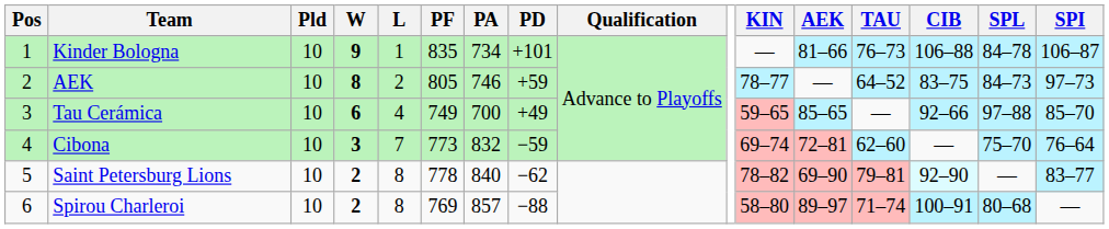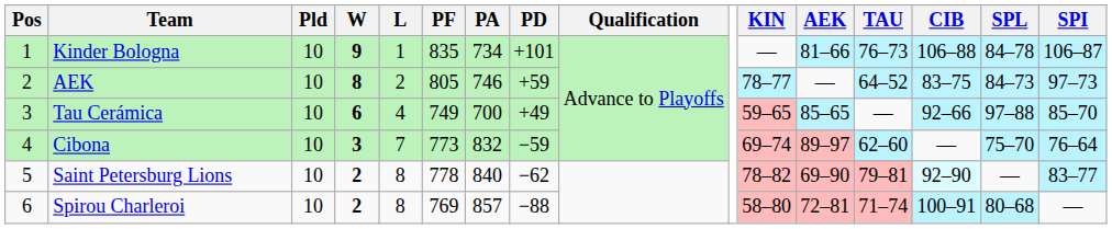 <table class="wikitable" style="text-align:center">
 <tr>
 <th scope="col" width=28><abbr>Pos</abbr></th>
 <th scope="col" width=190>Team</th>
 <th scope="col" width=28><abbr>Pld</abbr></th>
 <th scope="col" width=28><abbr>W</abbr></th>
 <th scope="col" width=28><abbr>L</abbr></th>
 <th scope="col" width=28><abbr>PF</abbr></th>
 <th scope="col" width=28><abbr>PA</abbr></th>
 <th scope="col" width=28><abbr>PD</abbr></th>
 <th scope="col">Qualification</th>
 <th scope="row" class="unsortable" style="background-color:white;border-top:white;border-bottom:white;line-width:3pt;"></th>
 <th scope="col" width=28> <a href='#'>KIN</a></th>
 <th scope="col" width=28> <a href='#'>AEK</a></th>
 <th scope="col" width=28> <a href='#'>TAU</a></th>
 <th scope="col" width=28> <a href='#'>CIB</a></th>
 <th scope="col" width=28> <a href='#'>SPL</a></th>
 <th scope="col" width=28> <a href='#'>SPI</a></th>
 </tr>
 <tr>
 <th scope="row" style="text-align: center;font-weight: normal;background-color:#BBF3BB;">1</th>
 <td style="text-align: left; white-space:nowrap;font-weight: normal;background-color:#BBF3BB;"> <a href='#'>Kinder Bologna</a></td>
 <td style="font-weight: normal;background-color:#BBF3BB;">10</td>
 <td style="font-weight: bold;background-color:#BBF3BB;">9</td>
 <td style="font-weight: normal;background-color:#BBF3BB;">1</td>
 <td style="font-weight: normal;background-color:#BBF3BB;">835</td>
 <td style="font-weight: normal;background-color:#BBF3BB;">734</td>
 <td style="font-weight: normal;background-color:#BBF3BB;">+101</td>
 <td style="font-weight: normal;background-color:#BBF3BB;" rowspan="4">Advance to <a href='#'>Playoffs</a></td>
 <td style="background-color:white;border-top:white;border-bottom:white;"></td>
 <td style="font-weight:normal;background:transparent;">—</td>
 <td style="white-space:nowrap;font-weight:normal;background:#BBF3FF;">81–66</td>
 <td style="white-space:nowrap;font-weight:normal;background:#BBF3FF;">76–73</td>
 <td style="white-space:nowrap;font-weight:normal;background:#BBF3FF;">106–88</td>
 <td style="white-space:nowrap;font-weight:normal;background:#BBF3FF;">84–78</td>
 <td style="white-space:nowrap;font-weight:normal;background:#BBF3FF;">106–87</td>
 </tr>
 <tr>
 <th scope="row" style="text-align: center;font-weight: normal;background-color:#BBF3BB;">2</th>
 <td style="text-align: left; white-space:nowrap;font-weight: normal;background-color:#BBF3BB;"> <a href='#'>AEK</a></td>
 <td style="font-weight: normal;background-color:#BBF3BB;">10</td>
 <td style="font-weight: bold;background-color:#BBF3BB;">8</td>
 <td style="font-weight: normal;background-color:#BBF3BB;">2</td>
 <td style="font-weight: normal;background-color:#BBF3BB;">805</td>
 <td style="font-weight: normal;background-color:#BBF3BB;">746</td>
 <td style="font-weight: normal;background-color:#BBF3BB;">+59</td>
 <td style="background-color:white;border-top:white;border-bottom:white;"></td>
 <td style="white-space:nowrap;font-weight:normal;background:#BBF3FF;">78–77</td>
 <td style="font-weight:normal;background:transparent;">—</td>
 <td style="white-space:nowrap;font-weight:normal;background:#BBF3FF;">64–52</td>
 <td style="white-space:nowrap;font-weight:normal;background:#BBF3FF;">83–75</td>
 <td style="white-space:nowrap;font-weight:normal;background:#BBF3FF;">84–73</td>
 <td style="white-space:nowrap;font-weight:normal;background:#BBF3FF;">97–73</td>
 </tr>
 <tr>
 <th scope="row" style="text-align: center;font-weight: normal;background-color:#BBF3BB;">3</th>
 <td style="text-align: left; white-space:nowrap;font-weight: normal;background-color:#BBF3BB;"> <a href='#'>Tau Cerámica</a></td>
 <td style="font-weight: normal;background-color:#BBF3BB;">10</td>
 <td style="font-weight: bold;background-color:#BBF3BB;">6</td>
 <td style="font-weight: normal;background-color:#BBF3BB;">4</td>
 <td style="font-weight: normal;background-color:#BBF3BB;">749</td>
 <td style="font-weight: normal;background-color:#BBF3BB;">700</td>
 <td style="font-weight: normal;background-color:#BBF3BB;">+49</td>
 <td style="background-color:white;border-top:white;border-bottom:white;"></td>
 <td style="white-space:nowrap;font-weight:normal;background:#FBB;">59–65</td>
 <td style="white-space:nowrap;font-weight:normal;background:#BBF3FF;">85–65</td>
 <td style="font-weight:normal;background:transparent;">—</td>
 <td style="white-space:nowrap;font-weight:normal;background:#BBF3FF;">92–66</td>
 <td style="white-space:nowrap;font-weight:normal;background:#BBF3FF;">97–88</td>
 <td style="white-space:nowrap;font-weight:normal;background:#BBF3FF;">85–70</td>
 </tr>
 <tr>
 <th scope="row" style="text-align: center;font-weight: normal;background-color:#BBF3BB;">4</th>
 <td style="text-align: left; white-space:nowrap;font-weight: normal;background-color:#BBF3BB;"> <a href='#'>Cibona</a></td>
 <td style="font-weight: normal;background-color:#BBF3BB;">10</td>
 <td style="font-weight: bold;background-color:#BBF3BB;">3</td>
 <td style="font-weight: normal;background-color:#BBF3BB;">7</td>
 <td style="font-weight: normal;background-color:#BBF3BB;">773</td>
 <td style="font-weight: normal;background-color:#BBF3BB;">832</td>
 <td style="font-weight: normal;background-color:#BBF3BB;">−59</td>
 <td style="background-color:white;border-top:white;border-bottom:white;"></td>
 <td style="white-space:nowrap;font-weight:normal;background:#FBB;">69–74</td>
-<td style="white-space:nowrap;font-weight:normal;background:#FBB;">72–81</td>
+<td style="white-space:nowrap;font-weight:normal;background:#FBB;">89–97</td>
 <td style="white-space:nowrap;font-weight:normal;background:#BBF3FF;">62–60</td>
 <td style="font-weight:normal;background:transparent;">—</td>
 <td style="white-space:nowrap;font-weight:normal;background:#BBF3FF;">75–70</td>
 <td style="white-space:nowrap;font-weight:normal;background:#BBF3FF;">76–64</td>
 </tr>
 <tr>
 <th scope="row" style="text-align: center;font-weight: normal;background-color:transparent;">5</th>
 <td style="text-align: left; white-space:nowrap;font-weight: normal;background-color:transparent;"> <a href='#'>Saint Petersburg Lions</a></td>
 <td style="font-weight: normal;background-color:transparent;">10</td>
 <td style="font-weight: bold;background-color:transparent;">2</td>
 <td style="font-weight: normal;background-color:transparent;">8</td>
 <td style="font-weight: normal;background-color:transparent;">778</td>
 <td style="font-weight: normal;background-color:transparent;">840</td>
 <td style="font-weight: normal;background-color:transparent;">−62</td>
 <td style="font-weight: normal;background-color:transparent;" rowspan="2"></td>
 <td style="background-color:white;border-top:white;border-bottom:white;"></td>
 <td style="white-space:nowrap;font-weight:normal;background:#FBB;">78–82</td>
 <td style="white-space:nowrap;font-weight:normal;background:#FBB;">69–90</td>
 <td style="white-space:nowrap;font-weight:normal;background:#FBB;">79–81</td>
 <td style="white-space:nowrap;font-weight:normal;background:#DDFCFF;">92–90</td>
 <td style="font-weight:normal;background:transparent;">—</td>
 <td style="white-space:nowrap;font-weight:normal;background:#BBF3FF;">83–77</td>
 </tr>
 <tr>
 <th scope="row" style="text-align: center;font-weight: normal;background-color:transparent;">6</th>
 <td style="text-align: left; white-space:nowrap;font-weight: normal;background-color:transparent;"> <a href='#'>Spirou Charleroi</a></td>
 <td style="font-weight: normal;background-color:transparent;">10</td>
 <td style="font-weight: bold;background-color:transparent;">2</td>
 <td style="font-weight: normal;background-color:transparent;">8</td>
 <td style="font-weight: normal;background-color:transparent;">769</td>
 <td style="font-weight: normal;background-color:transparent;">857</td>
 <td style="font-weight: normal;background-color:transparent;">−88</td>
 <td style="background-color:white;border-top:white;border-bottom:white;"></td>
 <td style="white-space:nowrap;font-weight:normal;background:#FBB;">58–80</td>
-<td style="white-space:nowrap;font-weight:normal;background:#FBB;">89–97</td>
+<td style="white-space:nowrap;font-weight:normal;background:#FBB;">72–81</td>
 <td style="white-space:nowrap;font-weight:normal;background:#FBB;">71–74</td>
 <td style="white-space:nowrap;font-weight:normal;background:#BBF3FF;">100–91</td>
 <td style="white-space:nowrap;font-weight:normal;background:#BBF3FF;">80–68</td>
 <td style="font-weight:normal;background:transparent;">—</td>
 </tr>
 </table>
